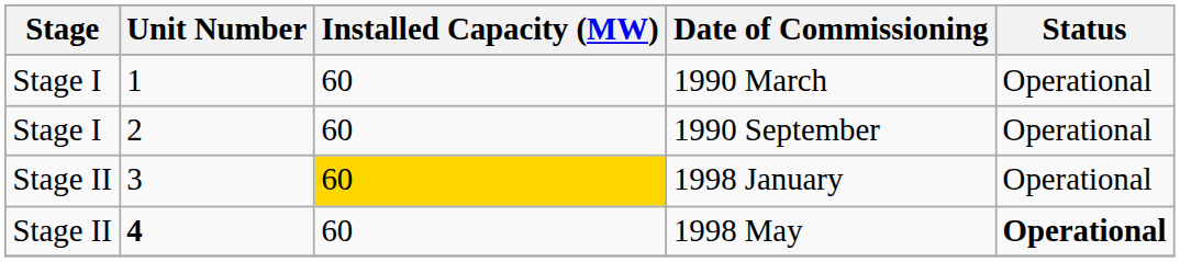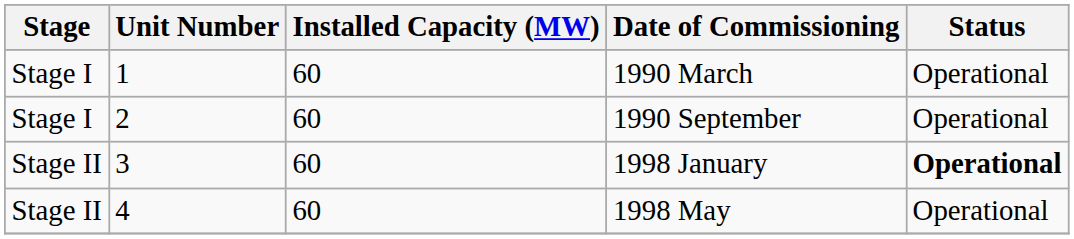 <table class="sortable wikitable">
 <tr>
 <th>Stage</th>
 <th>Unit Number</th>
 <th>Installed Capacity (<a href='#'>MW</a>)</th>
 <th>Date of Commissioning</th>
 <th>Status</th>
 </tr>
 <tr>
 <td>Stage I</td>
 <td>1</td>
 <td>60</td>
 <td>1990 March</td>
 <td>Operational</td>
 </tr>
 <tr>
 <td>Stage I</td>
 <td>2</td>
 <td>60</td>
 <td>1990 September</td>
 <td>Operational</td>
 </tr>
 <tr>
 <td>Stage II</td>
 <td>3</td>
-<td style="background: gold;">60</td>
+<td>60</td>
 <td>1998 January</td>
-<td>Operational</td>
+<td><strong>Operational</strong></td>
 </tr>
 <tr>
 <td>Stage II</td>
-<td><strong>4</strong></td>
+<td>4</td>
 <td>60</td>
 <td>1998 May</td>
-<td><strong>Operational</strong></td>
+<td>Operational</td>
 </tr>
 <tr>
 </tr>
 </table>
